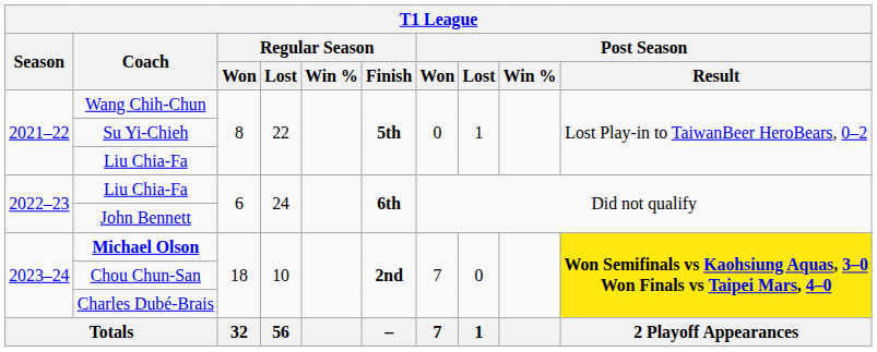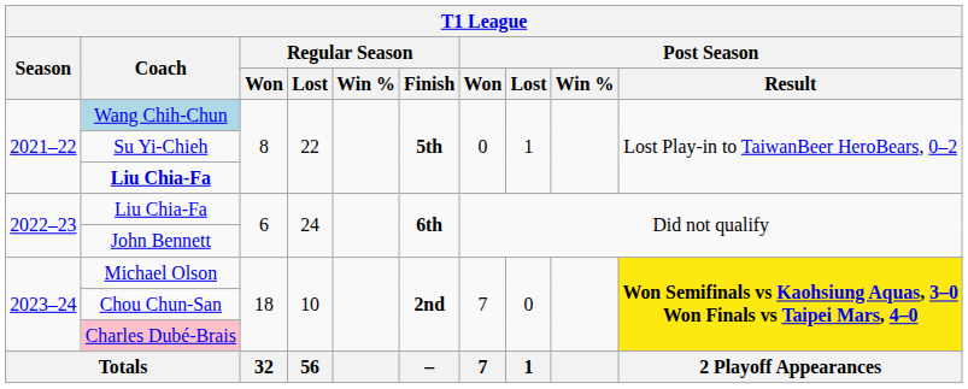 <table class="wikitable" style="font-size: 95%; text-align:center;">
 <tr>
 <th colspan="10"><a href='#'>T1 League</a></th>
 </tr>
 <tr>
 <th rowspan="2">Season</th>
 <th rowspan="2">Coach</th>
 <th colspan="4">Regular Season</th>
 <th colspan="4">Post Season</th>
 </tr>
 <tr>
 <th>Won</th>
 <th>Lost</th>
 <th>Win %</th>
 <th>Finish</th>
 <th>Won</th>
 <th>Lost</th>
 <th>Win %</th>
 <th>Result</th>
 </tr>
 <tr>
 <td rowspan="3"><a href='#'>2021–22</a></td>
-<td><a href='#'>Wang Chih-Chun</a></td>
+<td style="background: lightblue;"><a href='#'>Wang Chih-Chun</a></td>
 <td rowspan="3">8</td>
 <td rowspan="3">22</td>
 <td rowspan="3"></td>
 <td rowspan="3"><strong>5th</strong></td>
 <td rowspan="3">0</td>
 <td rowspan="3">1</td>
 <td rowspan="3"></td>
 <td rowspan="3">Lost Play-in to <a href='#'>TaiwanBeer HeroBears</a>, <a href='#'>0–2</a></td>
 </tr>
 <tr>
 <td><a href='#'>Su Yi-Chieh</a></td>
 </tr>
 <tr>
-<td><a href='#'>Liu Chia-Fa</a></td>
+<td><strong><a href='#'>Liu Chia-Fa</a></strong></td>
 </tr>
 <tr>
 <td rowspan="2"><a href='#'>2022–23</a></td>
 <td><a href='#'>Liu Chia-Fa</a></td>
 <td rowspan="2">6</td>
 <td rowspan="2">24</td>
 <td rowspan="2"></td>
 <td rowspan="2"><strong>6th</strong></td>
 <td rowspan="2" colspan="4">Did not qualify</td>
 </tr>
 <tr>
 <td><a href='#'>John Bennett</a></td>
 </tr>
 <tr>
 <td rowspan="3"><a href='#'>2023–24</a></td>
-<td><strong><a href='#'>Michael Olson</a></strong></td>
+<td><a href='#'>Michael Olson</a></td>
 <td rowspan="3">18</td>
 <td rowspan="3">10</td>
 <td rowspan="3"></td>
 <td rowspan="3"><strong>2nd</strong></td>
 <td rowspan="3">7</td>
 <td rowspan="3">0</td>
 <td rowspan="3"></td>
 <td style="background-color: #FDE910" rowspan="3"><strong>Won Semifinals vs <a href='#'>Kaohsiung Aquas</a>, <a href='#'>3–0</a></strong><br><strong>Won Finals vs <a href='#'>Taipei Mars</a>, <a href='#'>4–0</a></strong></td>
 </tr>
 <tr>
 <td><a href='#'>Chou Chun-San</a></td>
 </tr>
 <tr>
-<td><a href='#'>Charles Dubé-Brais</a></td>
+<td style="background: pink;"><a href='#'>Charles Dubé-Brais</a></td>
 </tr>
 <tr>
 <th colspan="2">Totals</th>
 <th>32</th>
 <th>56</th>
 <th></th>
 <th>–</th>
 <th>7</th>
 <th>1</th>
 <th></th>
 <th>2 Playoff Appearances</th>
 </tr>
 </table>
